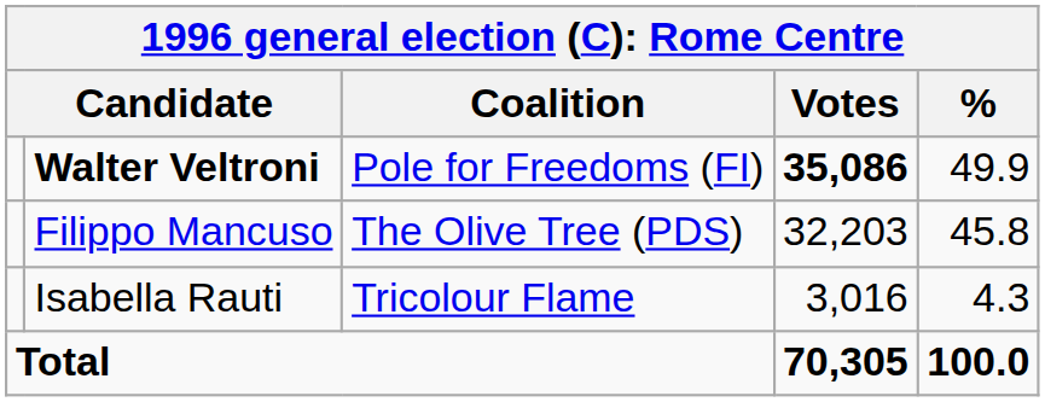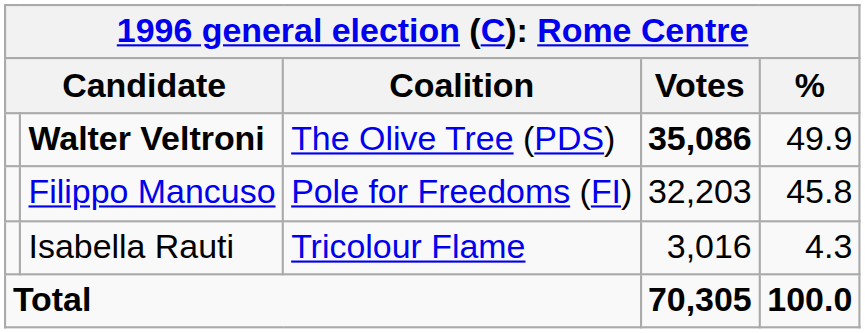 <table class=wikitable style=text-align:right>
 <tr>
 <th colspan=5><a href='#'>1996 general election</a> (<a href='#'>C</a>): <a href='#'>Rome Centre</a></th>
 </tr>
 <tr>
 <th colspan=2>Candidate</th>
 <th>Coalition</th>
 <th>Votes</th>
 <th>%</th>
 </tr>
 <tr>
 <td></td>
 <td align=left><strong>Walter Veltroni</strong></td>
-<td align=left><a href='#'>Pole for Freedoms</a> (<a href='#'>FI</a>)</td>
+<td align=left><a href='#'>The Olive Tree</a> (<a href='#'>PDS</a>)</td>
 <td><strong>35,086</strong></td>
 <td>49.9</td>
 </tr>
 <tr>
 <td></td>
 <td align=left><a href='#'>Filippo Mancuso</a></td>
-<td align=left><a href='#'>The Olive Tree</a> (<a href='#'>PDS</a>)</td>
+<td align=left><a href='#'>Pole for Freedoms</a> (<a href='#'>FI</a>)</td>
 <td>32,203</td>
 <td>45.8</td>
 </tr>
 <tr>
 <td></td>
 <td align=left>Isabella Rauti</td>
 <td align=left><a href='#'>Tricolour Flame</a></td>
 <td>3,016</td>
 <td>4.3</td>
 </tr>
 <tr>
 <td align=left colspan=3><strong>Total</strong></td>
 <td><strong>70,305</strong></td>
 <td><strong>100.0</strong></td>
 </tr>
 </table>
